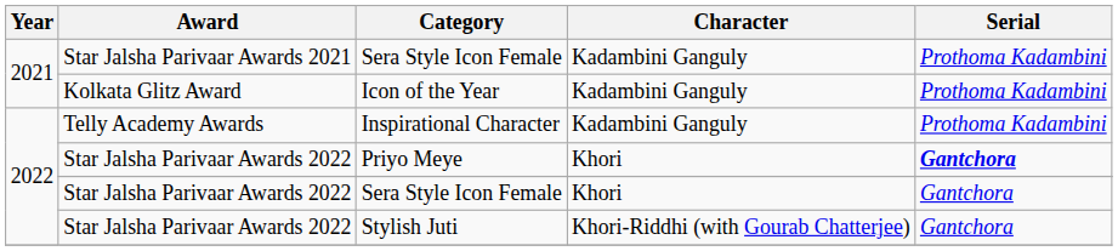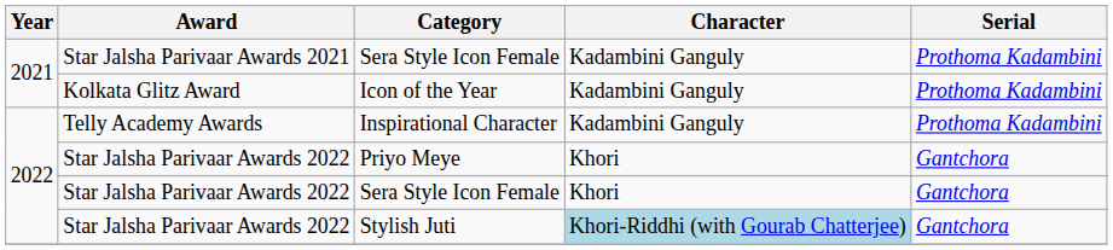 <table class="wikitable sortable">
 <tr>
 <th>Year</th>
 <th>Award</th>
 <th>Category</th>
 <th>Character</th>
 <th>Serial</th>
 </tr>
 <tr>
 <td rowspan="2">2021</td>
 <td>Star Jalsha Parivaar Awards 2021</td>
 <td>Sera Style Icon Female</td>
 <td>Kadambini Ganguly</td>
 <td><em><a href='#'>Prothoma Kadambini</a></em></td>
 </tr>
 <tr>
 <td>Kolkata Glitz Award</td>
 <td>Icon of the Year</td>
 <td>Kadambini Ganguly</td>
 <td><em><a href='#'>Prothoma Kadambini</a></em></td>
 </tr>
 <tr>
 <td rowspan="5">2022</td>
 <td>Telly Academy Awards</td>
 <td>Inspirational Character</td>
 <td>Kadambini Ganguly</td>
 <td><em><a href='#'>Prothoma Kadambini</a></em></td>
 </tr>
 <tr>
 <td>Star Jalsha Parivaar Awards 2022</td>
 <td>Priyo Meye</td>
 <td>Khori</td>
-<td><strong><em><a href='#'>Gantchora</a></em></strong></td>
+<td><em><a href='#'>Gantchora</a></em></td>
 </tr>
 <tr>
 </tr>
 <tr>
 <td>Star Jalsha Parivaar Awards 2022</td>
 <td>Sera Style Icon Female</td>
 <td>Khori</td>
 <td><em><a href='#'>Gantchora</a></em></td>
 </tr>
 <tr>
 <td>Star Jalsha Parivaar Awards 2022</td>
 <td>Stylish Juti</td>
-<td>Khori-Riddhi (with <a href='#'>Gourab Chatterjee</a>)</td>
+<td style="background: lightblue;">Khori-Riddhi (with <a href='#'>Gourab Chatterjee</a>)</td>
 <td><em><a href='#'>Gantchora</a></em></td>
 </tr>
 <tr>
 </tr>
 </table>
